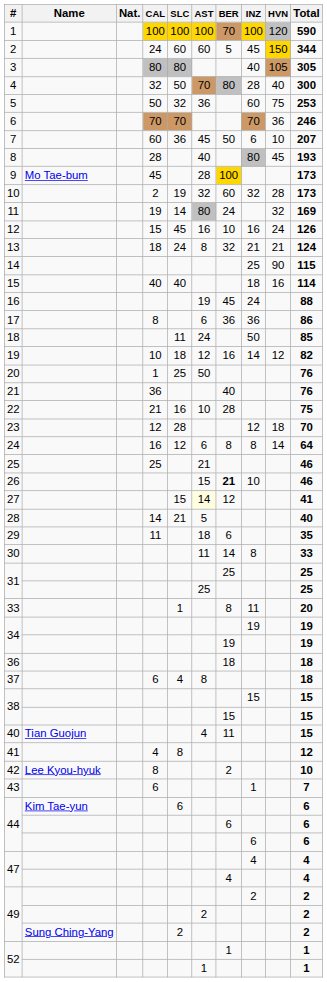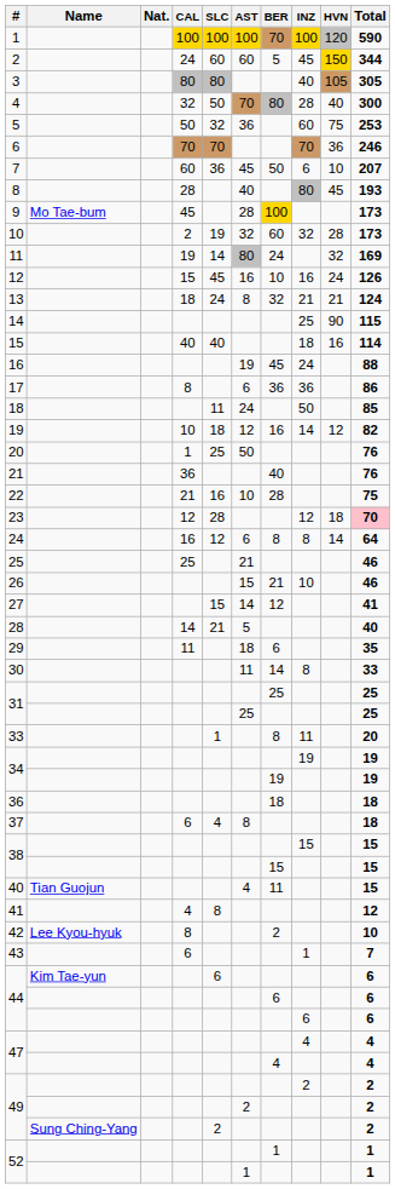 <table class="wikitable sortable" style="text-align:center;">
 <tr>
 <th>#</th>
 <th>Name</th>
 <th>Nat.</th>
 <th><small>CAL</small></th>
 <th><small>SLC</small></th>
 <th><small>AST</small></th>
 <th><small>BER</small></th>
 <th><small>INZ</small></th>
 <th><small>HVN</small></th>
 <th>Total</th>
 </tr>
 <tr>
 <td>1</td>
 <td align=left></td>
 <td></td>
 <td bgcolor=gold>100</td>
 <td bgcolor=gold>100</td>
 <td bgcolor=gold>100</td>
 <td bgcolor=cc9966>70</td>
 <td bgcolor=gold>100</td>
 <td bgcolor=silver>120</td>
 <td><strong>590</strong></td>
 </tr>
 <tr>
 <td>2</td>
 <td align=left></td>
 <td></td>
 <td>24</td>
 <td>60</td>
 <td>60</td>
 <td>5</td>
 <td>45</td>
 <td bgcolor=gold>150</td>
 <td><strong>344</strong></td>
 </tr>
 <tr>
 <td>3</td>
 <td align=left></td>
 <td></td>
 <td bgcolor=silver>80</td>
 <td bgcolor=silver>80</td>
 <td></td>
 <td></td>
 <td>40</td>
 <td bgcolor=cc9966>105</td>
 <td><strong>305</strong></td>
 </tr>
 <tr>
 <td>4</td>
 <td align=left></td>
 <td></td>
 <td>32</td>
 <td>50</td>
 <td bgcolor=cc9966>70</td>
 <td bgcolor=silver>80</td>
 <td>28</td>
 <td>40</td>
 <td><strong>300</strong></td>
 </tr>
 <tr>
 <td>5</td>
 <td align=left></td>
 <td></td>
 <td>50</td>
 <td>32</td>
 <td>36</td>
 <td></td>
 <td>60</td>
 <td>75</td>
 <td><strong>253</strong></td>
 </tr>
 <tr>
 <td>6</td>
 <td align=left></td>
 <td></td>
 <td bgcolor=cc9966>70</td>
 <td bgcolor=cc9966>70</td>
 <td></td>
 <td></td>
 <td bgcolor=cc9966>70</td>
 <td>36</td>
 <td><strong>246</strong></td>
 </tr>
 <tr>
 <td>7</td>
 <td align=left></td>
 <td></td>
 <td>60</td>
 <td>36</td>
 <td>45</td>
 <td>50</td>
 <td>6</td>
 <td>10</td>
 <td><strong>207</strong></td>
 </tr>
 <tr>
 <td>8</td>
 <td align=left></td>
 <td></td>
 <td>28</td>
 <td></td>
 <td>40</td>
 <td></td>
 <td bgcolor=silver>80</td>
 <td>45</td>
 <td><strong>193</strong></td>
 </tr>
 <tr>
 <td>9</td>
 <td align=left><a href='#'>Mo Tae-bum</a></td>
 <td></td>
 <td>45</td>
 <td></td>
 <td>28</td>
 <td bgcolor=gold>100</td>
 <td></td>
 <td></td>
 <td><strong>173</strong></td>
 </tr>
 <tr>
 <td>10</td>
 <td align=left></td>
 <td></td>
 <td>2</td>
 <td>19</td>
 <td>32</td>
 <td>60</td>
 <td>32</td>
 <td>28</td>
 <td><strong>173</strong></td>
 </tr>
 <tr>
 <td>11</td>
 <td align=left></td>
 <td></td>
 <td>19</td>
 <td>14</td>
 <td bgcolor=silver>80</td>
 <td>24</td>
 <td></td>
 <td>32</td>
 <td><strong>169</strong></td>
 </tr>
 <tr>
 <td>12</td>
 <td align=left></td>
 <td></td>
 <td>15</td>
 <td>45</td>
 <td>16</td>
 <td>10</td>
 <td>16</td>
 <td>24</td>
 <td><strong>126</strong></td>
 </tr>
 <tr>
 <td>13</td>
 <td align=left></td>
 <td></td>
 <td>18</td>
 <td>24</td>
 <td>8</td>
 <td>32</td>
 <td>21</td>
 <td>21</td>
 <td><strong>124</strong></td>
 </tr>
 <tr>
 <td>14</td>
 <td align=left></td>
 <td></td>
 <td></td>
 <td></td>
 <td></td>
 <td></td>
 <td>25</td>
 <td>90</td>
 <td><strong>115</strong></td>
 </tr>
 <tr>
 <td>15</td>
 <td align=left></td>
 <td></td>
 <td>40</td>
 <td>40</td>
 <td></td>
 <td></td>
 <td>18</td>
 <td>16</td>
 <td><strong>114</strong></td>
 </tr>
 <tr>
 <td>16</td>
 <td align=left></td>
 <td></td>
 <td></td>
 <td></td>
 <td>19</td>
 <td>45</td>
 <td>24</td>
 <td></td>
 <td><strong>88</strong></td>
 </tr>
 <tr>
 <td>17</td>
 <td align=left></td>
 <td></td>
 <td>8</td>
 <td></td>
 <td>6</td>
 <td>36</td>
 <td>36</td>
 <td></td>
 <td><strong>86</strong></td>
 </tr>
 <tr>
 <td>18</td>
 <td align=left></td>
 <td></td>
 <td></td>
 <td>11</td>
 <td>24</td>
 <td></td>
 <td>50</td>
 <td></td>
 <td><strong>85</strong></td>
 </tr>
 <tr>
 <td>19</td>
 <td align=left></td>
 <td></td>
 <td>10</td>
 <td>18</td>
 <td>12</td>
 <td>16</td>
 <td>14</td>
 <td>12</td>
 <td><strong>82</strong></td>
 </tr>
 <tr>
 <td>20</td>
 <td align=left></td>
 <td></td>
 <td>1</td>
 <td>25</td>
 <td>50</td>
 <td></td>
 <td></td>
 <td></td>
 <td><strong>76</strong></td>
 </tr>
 <tr>
 <td>21</td>
 <td align=left></td>
 <td></td>
 <td>36</td>
 <td></td>
 <td></td>
 <td>40</td>
 <td></td>
 <td></td>
 <td><strong>76</strong></td>
 </tr>
 <tr>
 <td>22</td>
 <td align=left></td>
 <td></td>
 <td>21</td>
 <td>16</td>
 <td>10</td>
 <td>28</td>
 <td></td>
 <td></td>
 <td><strong>75</strong></td>
 </tr>
 <tr>
 <td>23</td>
 <td align=left></td>
 <td></td>
 <td>12</td>
 <td>28</td>
 <td></td>
 <td></td>
 <td>12</td>
 <td>18</td>
-<td><strong>70</strong></td>
+<td style="background: pink;"><strong>70</strong></td>
 </tr>
 <tr>
 <td>24</td>
 <td align=left></td>
 <td></td>
 <td>16</td>
 <td>12</td>
 <td>6</td>
 <td>8</td>
 <td>8</td>
 <td>14</td>
 <td><strong>64</strong></td>
 </tr>
 <tr>
 <td>25</td>
 <td align=left></td>
 <td></td>
 <td>25</td>
 <td></td>
 <td>21</td>
 <td></td>
 <td></td>
 <td></td>
 <td><strong>46</strong></td>
 </tr>
 <tr>
 <td>26</td>
 <td align=left></td>
 <td></td>
 <td></td>
 <td></td>
 <td>15</td>
-<td><strong>21</strong></td>
+<td>21</td>
 <td>10</td>
 <td></td>
 <td><strong>46</strong></td>
 </tr>
 <tr>
 <td>27</td>
 <td align=left></td>
 <td></td>
 <td></td>
 <td>15</td>
-<td style="background: lightyellow;">14</td>
+<td>14</td>
 <td>12</td>
 <td></td>
 <td></td>
 <td><strong>41</strong></td>
 </tr>
 <tr>
 <td>28</td>
 <td align=left></td>
 <td></td>
 <td>14</td>
 <td>21</td>
 <td>5</td>
 <td></td>
 <td></td>
 <td></td>
 <td><strong>40</strong></td>
 </tr>
 <tr>
 <td>29</td>
 <td align=left></td>
 <td></td>
 <td>11</td>
 <td></td>
 <td>18</td>
 <td>6</td>
 <td></td>
 <td></td>
 <td><strong>35</strong></td>
 </tr>
 <tr>
 <td>30</td>
 <td align=left></td>
 <td></td>
 <td></td>
 <td></td>
 <td>11</td>
 <td>14</td>
 <td>8</td>
 <td></td>
 <td><strong>33</strong></td>
 </tr>
 <tr>
 <td rowspan=2>31</td>
 <td align=left></td>
 <td></td>
 <td></td>
 <td></td>
 <td></td>
 <td>25</td>
 <td></td>
 <td></td>
 <td><strong>25</strong></td>
 </tr>
 <tr>
 <td align=left></td>
 <td></td>
 <td></td>
 <td></td>
 <td>25</td>
 <td></td>
 <td></td>
 <td></td>
 <td><strong>25</strong></td>
 </tr>
 <tr>
 <td>33</td>
 <td align=left></td>
 <td></td>
 <td></td>
 <td>1</td>
 <td></td>
 <td>8</td>
 <td>11</td>
 <td></td>
 <td><strong>20</strong></td>
 </tr>
 <tr>
 <td rowspan=2>34</td>
 <td align=left></td>
 <td></td>
 <td></td>
 <td></td>
 <td></td>
 <td></td>
 <td>19</td>
 <td></td>
 <td><strong>19</strong></td>
 </tr>
 <tr>
 <td align=left></td>
 <td></td>
 <td></td>
 <td></td>
 <td></td>
 <td>19</td>
 <td></td>
 <td></td>
 <td><strong>19</strong></td>
 </tr>
 <tr>
 <td>36</td>
 <td align=left></td>
 <td></td>
 <td></td>
 <td></td>
 <td></td>
 <td>18</td>
 <td></td>
 <td></td>
 <td><strong>18</strong></td>
 </tr>
 <tr>
 <td>37</td>
 <td align=left></td>
 <td></td>
 <td>6</td>
 <td>4</td>
 <td>8</td>
 <td></td>
 <td></td>
 <td></td>
 <td><strong>18</strong></td>
 </tr>
 <tr>
 <td rowspan=2>38</td>
 <td align=left></td>
 <td></td>
 <td></td>
 <td></td>
 <td></td>
 <td></td>
 <td>15</td>
 <td></td>
 <td><strong>15</strong></td>
 </tr>
 <tr>
 <td align=left></td>
 <td></td>
 <td></td>
 <td></td>
 <td></td>
 <td>15</td>
 <td></td>
 <td></td>
 <td><strong>15</strong></td>
 </tr>
 <tr>
 <td>40</td>
 <td align=left><a href='#'>Tian Guojun</a></td>
 <td></td>
 <td></td>
 <td></td>
 <td>4</td>
 <td>11</td>
 <td></td>
 <td></td>
 <td><strong>15</strong></td>
 </tr>
 <tr>
 <td>41</td>
 <td align=left></td>
 <td></td>
 <td>4</td>
 <td>8</td>
 <td></td>
 <td></td>
 <td></td>
 <td></td>
 <td><strong>12</strong></td>
 </tr>
 <tr>
 <td>42</td>
 <td align=left><a href='#'>Lee Kyou-hyuk</a></td>
 <td></td>
 <td>8</td>
 <td></td>
 <td></td>
 <td>2</td>
 <td></td>
 <td></td>
 <td><strong>10</strong></td>
 </tr>
 <tr>
 <td>43</td>
 <td align=left></td>
 <td></td>
 <td>6</td>
 <td></td>
 <td></td>
 <td></td>
 <td>1</td>
 <td></td>
 <td><strong>7</strong></td>
 </tr>
 <tr>
 <td rowspan=3>44</td>
 <td align=left><a href='#'>Kim Tae-yun</a></td>
 <td></td>
 <td></td>
 <td>6</td>
 <td></td>
 <td></td>
 <td></td>
 <td></td>
 <td><strong>6</strong></td>
 </tr>
 <tr>
 <td align=left></td>
 <td></td>
 <td></td>
 <td></td>
 <td></td>
 <td>6</td>
 <td></td>
 <td></td>
 <td><strong>6</strong></td>
 </tr>
 <tr>
 <td align=left></td>
 <td></td>
 <td></td>
 <td></td>
 <td></td>
 <td></td>
 <td>6</td>
 <td></td>
 <td><strong>6</strong></td>
 </tr>
 <tr>
 <td rowspan=2>47</td>
 <td align=left></td>
 <td></td>
 <td></td>
 <td></td>
 <td></td>
 <td></td>
 <td>4</td>
 <td></td>
 <td><strong>4</strong></td>
 </tr>
 <tr>
 <td align=left></td>
 <td></td>
 <td></td>
 <td></td>
 <td></td>
 <td>4</td>
 <td></td>
 <td></td>
 <td><strong>4</strong></td>
 </tr>
 <tr>
 <td rowspan=3>49</td>
 <td align=left></td>
 <td></td>
 <td></td>
 <td></td>
 <td></td>
 <td></td>
 <td>2</td>
 <td></td>
 <td><strong>2</strong></td>
 </tr>
 <tr>
 <td align=left></td>
 <td></td>
 <td></td>
 <td></td>
 <td>2</td>
 <td></td>
 <td></td>
 <td></td>
 <td><strong>2</strong></td>
 </tr>
 <tr>
 <td align=left><a href='#'>Sung Ching-Yang</a></td>
 <td></td>
 <td></td>
 <td>2</td>
 <td></td>
 <td></td>
 <td></td>
 <td></td>
 <td><strong>2</strong></td>
 </tr>
 <tr>
 <td rowspan=2>52</td>
 <td align=left></td>
 <td></td>
 <td></td>
 <td></td>
 <td></td>
 <td>1</td>
 <td></td>
 <td></td>
 <td><strong>1</strong></td>
 </tr>
 <tr>
 <td align=left></td>
 <td></td>
 <td></td>
 <td></td>
 <td>1</td>
 <td></td>
 <td></td>
 <td></td>
 <td><strong>1</strong></td>
 </tr>
 </table>
